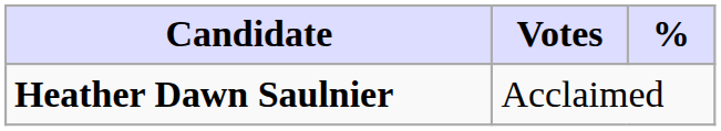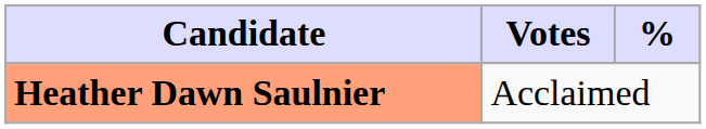 <table class="wikitable">
 <tr>
 <th style="background:#ddf; width:200px;">Candidate</th>
 <th style="background:#ddf; width:50px;">Votes</th>
 <th style="background:#ddf; width:30px;">%</th>
 </tr>
 <tr>
-<td><strong>Heather Dawn Saulnier</strong></td>
+<td style="background: lightsalmon;"><strong>Heather Dawn Saulnier</strong></td>
 <td colspan="2">Acclaimed</td>
 </tr>
 </table>
